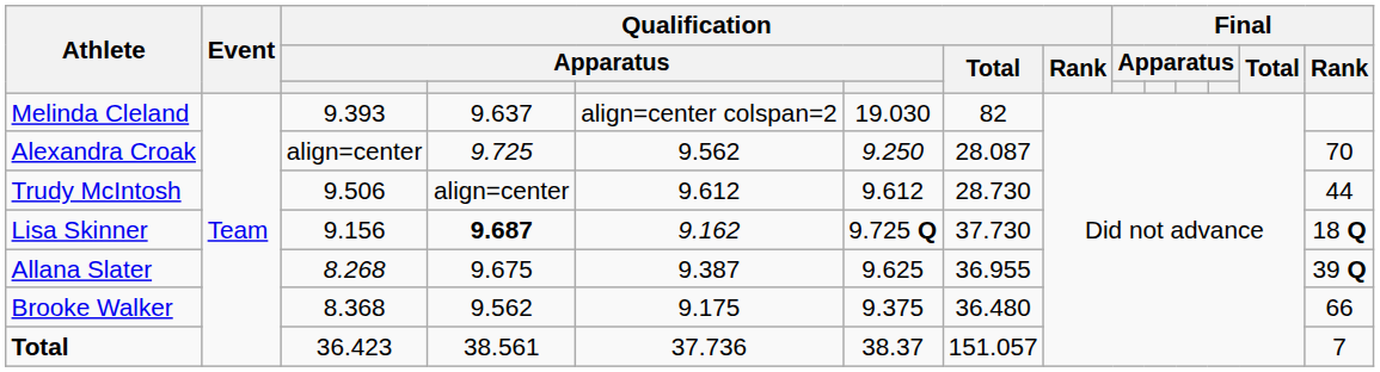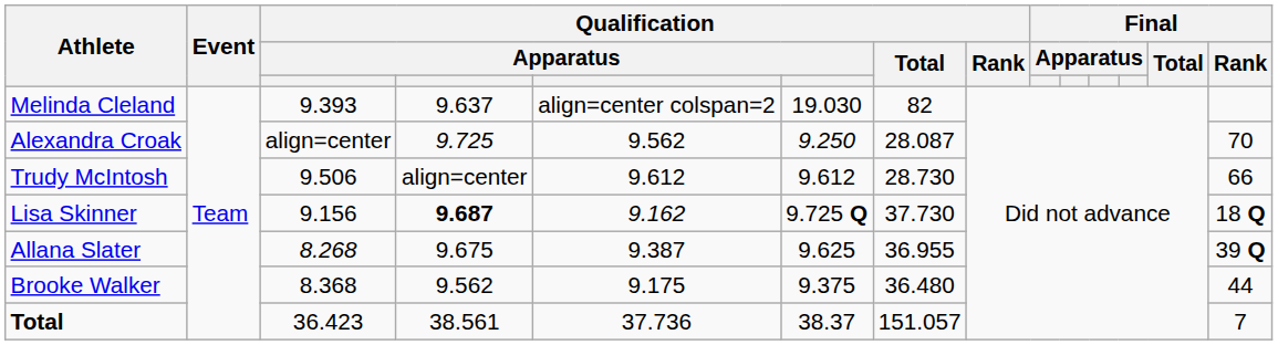 <table class=wikitable style=font-size:90%;text-align:center>
 <tr>
 <th rowspan=3>Athlete</th>
 <th rowspan=3>Event</th>
 <th colspan=6>Qualification</th>
 <th colspan=6>Final</th>
 </tr>
 <tr style=font-size:95%>
 <th colspan=4>Apparatus</th>
 <th rowspan=2>Total</th>
 <th rowspan=2>Rank</th>
 <th colspan=4>Apparatus</th>
 <th rowspan=2>Total</th>
 <th rowspan=2>Rank</th>
 </tr>
 <tr style=font-size:95%>
 <th></th>
 <th></th>
 <th></th>
 <th></th>
 <th></th>
 <th></th>
 <th></th>
 <th></th>
 </tr>
 <tr>
 <td align=left><a href='#'>Melinda Cleland</a></td>
 <td align=left rowspan=7><a href='#'>Team</a></td>
 <td align=center>9.393</td>
 <td align=center>9.637</td>
 <td>align=center colspan=2 </td>
 <td align=center>19.030</td>
 <td align=center>82</td>
 <td align=center colspan=6 rowspan=7>Did not advance</td>
 </tr>
 <tr>
 <td align=left><a href='#'>Alexandra Croak</a></td>
 <td>align=center </td>
 <td align=center><em>9.725</em></td>
 <td align=center>9.562</td>
 <td align=center><em>9.250</em></td>
 <td align=center>28.087</td>
 <td align=center>70</td>
 </tr>
 <tr>
 <td align=left><a href='#'>Trudy McIntosh</a></td>
 <td align=center>9.506</td>
 <td>align=center </td>
 <td align=center>9.612</td>
 <td align=center>9.612</td>
 <td align=center>28.730</td>
-<td align=center>44</td>
+<td align=center>66</td>
 </tr>
 <tr>
 <td align=left><a href='#'>Lisa Skinner</a></td>
 <td align=center>9.156</td>
 <td align=center><strong>9.687</strong></td>
 <td align=center><em>9.162</em></td>
 <td align=center>9.725 <strong>Q</strong></td>
 <td align=center>37.730</td>
 <td align=center>18 <strong>Q</strong></td>
 </tr>
 <tr>
 <td align=left><a href='#'>Allana Slater</a></td>
 <td align=center><em>8.268</em></td>
 <td align=center>9.675</td>
 <td align=center>9.387</td>
 <td align=center>9.625</td>
 <td align=center>36.955</td>
 <td align=center>39 <strong>Q</strong></td>
 </tr>
 <tr>
 <td align=left><a href='#'>Brooke Walker</a></td>
 <td align=center>8.368</td>
 <td align=center>9.562</td>
 <td align=center>9.175</td>
 <td align=center>9.375</td>
 <td align=center>36.480</td>
-<td align=center>66</td>
+<td align=center>44</td>
 </tr>
 <tr>
 <td align=left><strong>Total</strong></td>
 <td align=center>36.423</td>
 <td align=center>38.561</td>
 <td align=center>37.736</td>
 <td align=center>38.37</td>
 <td align=center>151.057</td>
 <td align=center>7</td>
 </tr>
 </table>
